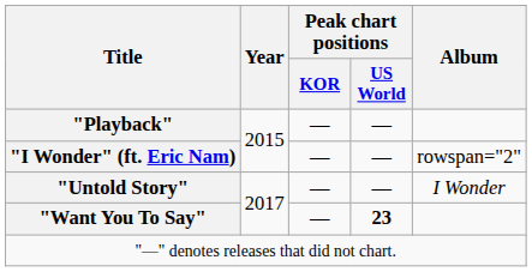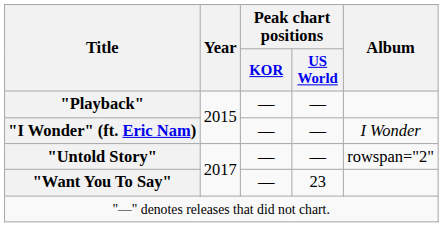 <table class="wikitable plainrowheaders" style="text-align:center;" border="1">
 <tr>
 <th scope="col" rowspan="2">Title</th>
 <th scope="col" rowspan="2">Year</th>
 <th scope="col" colspan="2">Peak chart positions</th>
 <th scope="col" rowspan="2">Album</th>
 </tr>
 <tr>
 <th scope="col" style="width:3em;font-size:90%;"><a href='#'>KOR</a></th>
 <th scope="col" style="width:3em;font-size:90%;"><a href='#'>US<br>World</a><br></th>
 </tr>
 <tr>
 <th scope="row">"Playback" </th>
 <td rowspan=2>2015</td>
 <td>—</td>
 <td>—</td>
 <td></td>
 </tr>
 <tr>
 <th scope="row">"I Wonder"  (ft. <a href='#'>Eric Nam</a>)</th>
 <td>—</td>
 <td>—</td>
-<td>rowspan="2" </td>
+<td><em>I Wonder</em></td>
 </tr>
 <tr>
 <th scope="row">"Untold Story" </th>
 <td rowspan=2>2017</td>
 <td>—</td>
 <td>—</td>
-<td><em>I Wonder</em></td>
+<td>rowspan="2" </td>
 </tr>
 <tr>
 <th scope="row">"Want You To Say" </th>
 <td>—</td>
-<td><strong>23</strong></td>
+<td>23</td>
 </tr>
 <tr>
 <td colspan="6" align="center"><small>"—" denotes releases that did not chart.</small></td>
 </tr>
 </table>
